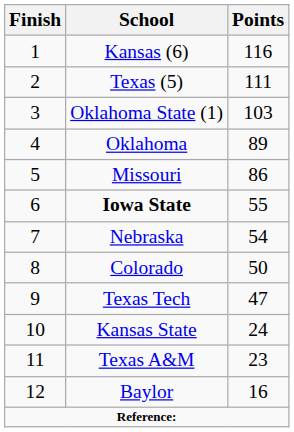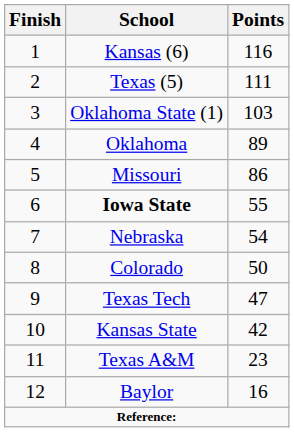 <table class="wikitable" style="text-align: center">
 <tr align=center>
 <th>Finish</th>
 <th>School</th>
 <th>Points</th>
 </tr>
 <tr>
 <td>1</td>
 <td><a href='#'>Kansas</a> (6)</td>
 <td>116</td>
 </tr>
 <tr>
 <td>2</td>
 <td><a href='#'>Texas</a> (5)</td>
 <td>111</td>
 </tr>
 <tr>
 <td>3</td>
 <td><a href='#'>Oklahoma State</a> (1)</td>
 <td>103</td>
 </tr>
 <tr>
 <td>4</td>
 <td><a href='#'>Oklahoma</a></td>
 <td>89</td>
 </tr>
 <tr>
 <td>5</td>
 <td><a href='#'>Missouri</a></td>
 <td>86</td>
 </tr>
 <tr>
 <td>6</td>
 <td><strong>Iowa State</strong></td>
 <td>55</td>
 </tr>
 <tr>
 <td>7</td>
 <td><a href='#'>Nebraska</a></td>
 <td>54</td>
 </tr>
 <tr>
 <td>8</td>
 <td><a href='#'>Colorado</a></td>
 <td>50</td>
 </tr>
 <tr>
 <td>9</td>
 <td><a href='#'>Texas Tech</a></td>
 <td>47</td>
 </tr>
 <tr>
 <td>10</td>
 <td><a href='#'>Kansas State</a></td>
-<td>24</td>
+<td>42</td>
 </tr>
 <tr>
 <td>11</td>
 <td><a href='#'>Texas A&M</a></td>
 <td>23</td>
 </tr>
 <tr>
 <td>12</td>
 <td><a href='#'>Baylor</a></td>
 <td>16</td>
 </tr>
 <tr>
 <td colspan="6"  style="font-size:8pt; text-align:center;"><strong>Reference:</strong></td>
 </tr>
 </table>
